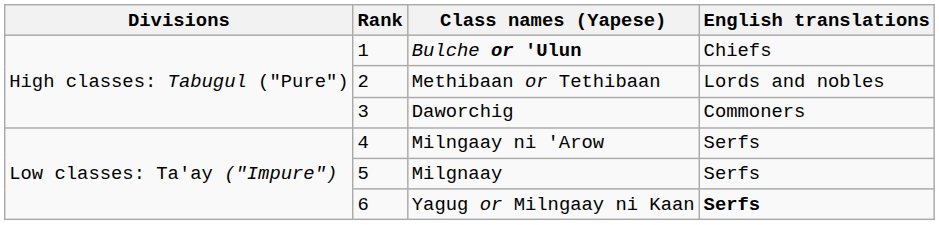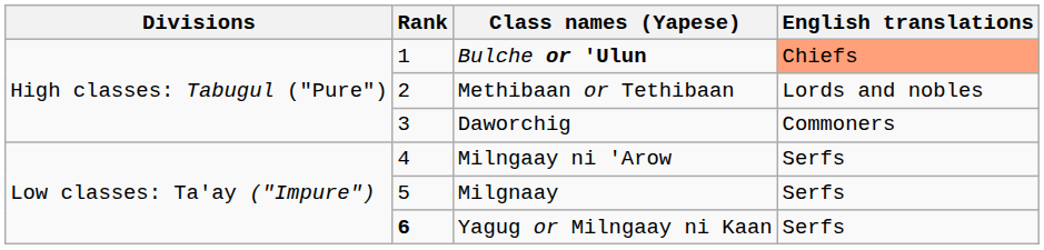 <table class="wikitable">
 <tr>
 <th>Divisions</th>
 <th>Rank</th>
 <th>Class names (Yapese)</th>
 <th>English translations</th>
 </tr>
 <tr>
 <td rowspan="3">High classes: <em>Tabugul</em> ("Pure")</td>
 <td>1</td>
 <td><em>Bulche<strong> or </em>'Ulun<em></td>
-<td>Chiefs</td>
+<td style="background: lightsalmon;">Chiefs</td>
 </tr>
 <tr>
 <td>2</td>
 <td></em>Methibaan<em> or </em>Tethibaan<em></td>
 <td>Lords and nobles</td>
 </tr>
 <tr>
 <td>3</td>
 <td></em>Daworchig<em></td>
 <td>Commoners</td>
 </tr>
 <tr>
 <td rowspan="3">Low classes: </em>Ta'ay<em> ("Impure")</td>
 <td>4</td>
 <td></em>Milngaay ni 'Arow<em></td>
 <td>Serfs</td>
 </tr>
 <tr>
 <td>5</td>
 <td></em>Milgnaay<em></td>
 <td>Serfs</td>
 </tr>
 <tr>
-<td>6</td>
+<td><strong>6</strong></td>
 <td></em>Yagug<em> or </em>Milngaay ni Kaan<em></td>
-<td><strong>Serfs</strong></td>
+<td>Serfs</td>
 </tr>
 </table>
